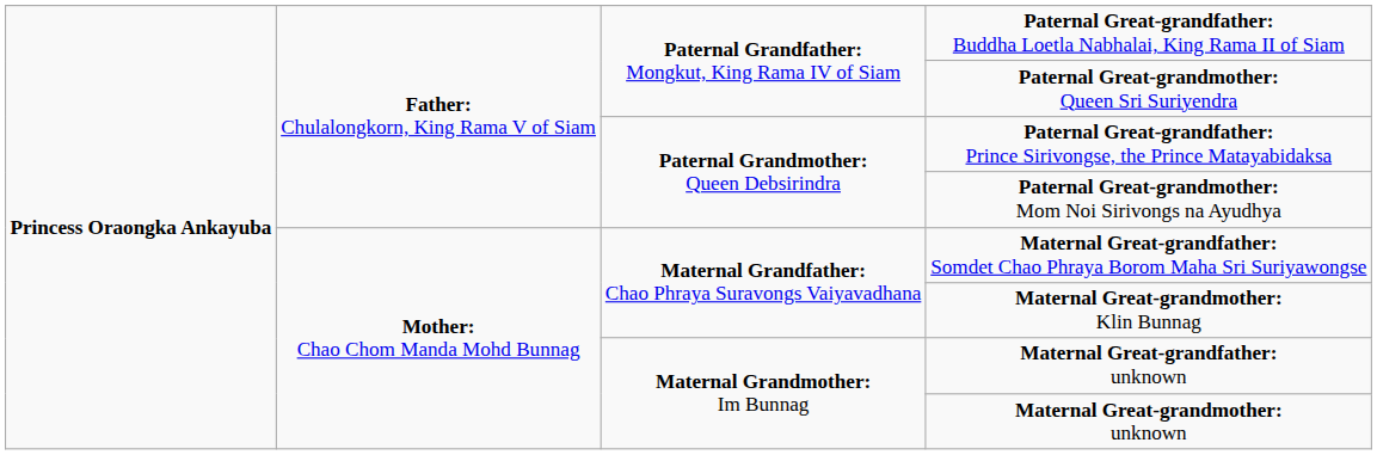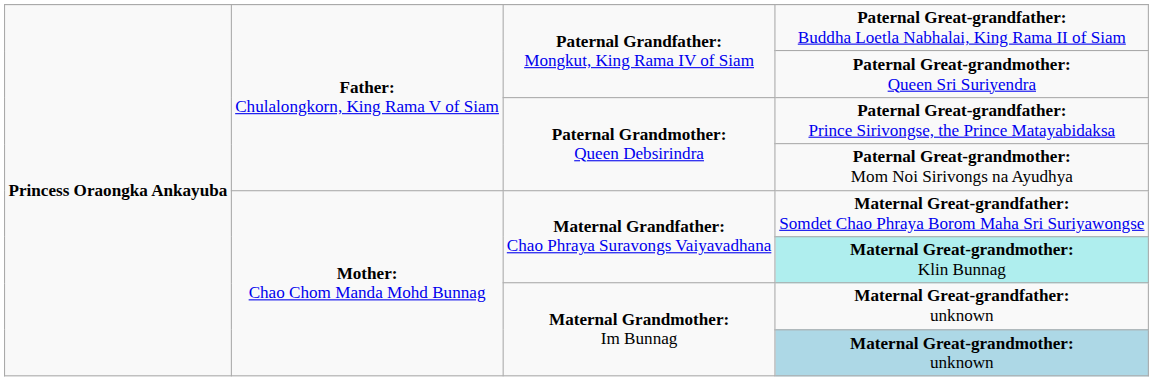 <table class="wikitable">
 <tr>
 </tr>
 <tr>
 <td rowspan="8" align="center"><strong>Princess Oraongka Ankayuba</strong></td>
 <td rowspan="4" align="center"><strong>Father:</strong><br><a href='#'>Chulalongkorn, King Rama V of Siam</a></td>
 <td rowspan="2" align="center"><strong>Paternal Grandfather:</strong><br><a href='#'>Mongkut, King Rama IV of Siam</a></td>
 <td align = "center"><strong>Paternal Great-grandfather:</strong><br><a href='#'>Buddha Loetla Nabhalai, King Rama II of Siam</a></td>
 </tr>
 <tr>
 <td align = "center"><strong>Paternal Great-grandmother:</strong><br><a href='#'>Queen Sri Suriyendra</a></td>
 </tr>
 <tr>
 <td rowspan="2" align="center"><strong>Paternal Grandmother:</strong><br><a href='#'>Queen Debsirindra</a></td>
 <td align = "center"><strong>Paternal Great-grandfather:</strong><br><a href='#'>Prince Sirivongse, the Prince Matayabidaksa</a></td>
 </tr>
 <tr>
 <td align = "center"><strong>Paternal Great-grandmother:</strong><br>Mom Noi Sirivongs na Ayudhya</td>
 </tr>
 <tr>
 <td rowspan="4" align="center"><strong>Mother:</strong><br><a href='#'>Chao Chom Manda Mohd Bunnag</a></td>
 <td rowspan="2" align="center"><strong>Maternal Grandfather:</strong><br><a href='#'>Chao Phraya Suravongs Vaiyavadhana</a></td>
 <td align = "center"><strong>Maternal Great-grandfather:</strong><br><a href='#'>Somdet Chao Phraya Borom Maha Sri Suriyawongse</a></td>
 </tr>
 <tr>
-<td align = "center"><strong>Maternal Great-grandmother:</strong><br>Klin Bunnag</td>
+<td align = "center" style="background: paleturquoise;"><strong>Maternal Great-grandmother:</strong><br>Klin Bunnag</td>
 </tr>
 <tr>
 <td rowspan="2" align="center"><strong>Maternal Grandmother:</strong><br>Im Bunnag</td>
 <td align = "center"><strong>Maternal Great-grandfather:</strong><br>unknown</td>
 </tr>
 <tr>
-<td align = "center"><strong>Maternal Great-grandmother:</strong><br>unknown</td>
+<td align = "center" style="background: lightblue;"><strong>Maternal Great-grandmother:</strong><br>unknown</td>
 </tr>
 </table>
